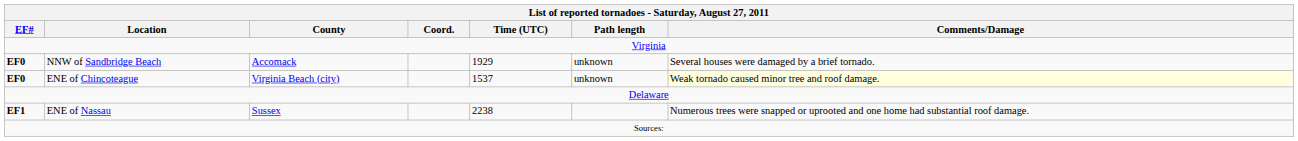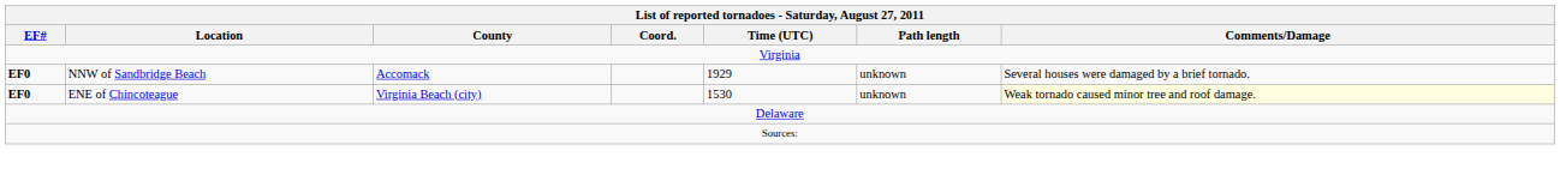 <table class="wikitable collapsible" width="100%">
 <tr>
 <th colspan="7">List of reported tornadoes - Saturday, August 27, 2011</th>
 </tr>
 <tr>
 <th><a href='#'>EF#</a></th>
 <th>Location</th>
 <th>County</th>
 <th>Coord.</th>
 <th>Time (UTC)</th>
 <th>Path length</th>
 <th>Comments/Damage</th>
 </tr>
 <tr>
 <td colspan="7" align=center><a href='#'>Virginia</a></td>
 </tr>
 <tr>
 <td><strong>EF0</strong></td>
 <td>NNW of <a href='#'>Sandbridge Beach</a></td>
 <td><a href='#'>Accomack</a></td>
 <td></td>
 <td>1929</td>
 <td>unknown</td>
 <td>Several houses were damaged by a brief tornado.</td>
 </tr>
 <tr>
 <td><strong>EF0</strong></td>
 <td>ENE of <a href='#'>Chincoteague</a></td>
 <td><a href='#'>Virginia Beach (city)</a></td>
 <td></td>
-<td>1537</td>
+<td>1530</td>
 <td>unknown</td>
 <td style="background: lightyellow;">Weak tornado caused minor tree and roof damage.</td>
 </tr>
 <tr>
 <td colspan="7" align=center><a href='#'>Delaware</a></td>
 </tr>
 <tr>
-<td><strong>EF1</strong></td>
-<td>ENE of <a href='#'>Nassau</a></td>
-<td><a href='#'>Sussex</a></td>
-<td></td>
-<td>2238</td>
-<td></td>
-<td>Numerous trees were snapped or uprooted and one home had substantial roof damage.</td>
-</tr>
-<tr>
 <td colspan="7" align=center><small>Sources: </small></td>
 </tr>
 </table>
